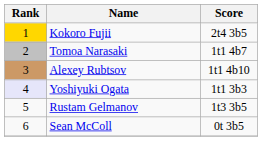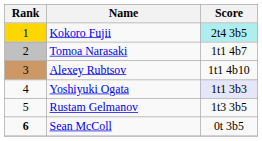 <table class="wikitable">
 <tr>
 <th width = "50">Rank</th>
 <th width = "200">Name</th>
 <th width = "70">Score</th>
 </tr>
 <tr>
 <td align="center" style="background: gold">1</td>
 <td> <a href='#'>Kokoro Fujii</a></td>
-<td align="center">2t4 3b5</td>
+<td align="center" style="background: paleturquoise;">2t4 3b5</td>
 </tr>
 <tr>
 <td align="center" style="background: silver">2</td>
 <td> <a href='#'>Tomoa Narasaki</a></td>
 <td align="center">1t1 4b7</td>
 </tr>
 <tr>
 <td align="center" style="background: #cc9966">3</td>
 <td> <a href='#'>Alexey Rubtsov</a></td>
 <td align="center">1t1 4b10</td>
 </tr>
 <tr>
-<td align="center" style="background: lavender;">4</td>
+<td align="center">4</td>
 <td> <a href='#'>Yoshiyuki Ogata</a></td>
-<td align="center">1t1 3b3</td>
+<td align="center" style="background: lavender;">1t1 3b3</td>
 </tr>
 <tr>
 <td align="center">5</td>
 <td> <a href='#'>Rustam Gelmanov</a></td>
 <td align="center">1t3 3b5</td>
 </tr>
 <tr>
-<td align="center">6</td>
+<td align="center"><strong>6</strong></td>
 <td> <a href='#'>Sean McColl</a></td>
 <td align="center">0t 3b5</td>
 </tr>
 <tr>
 </tr>
 </table>
